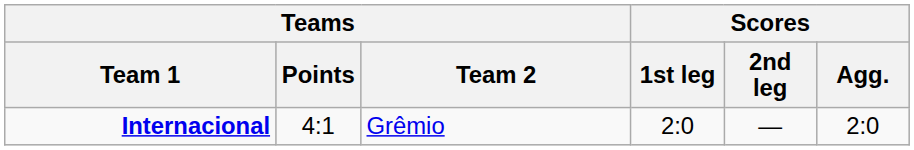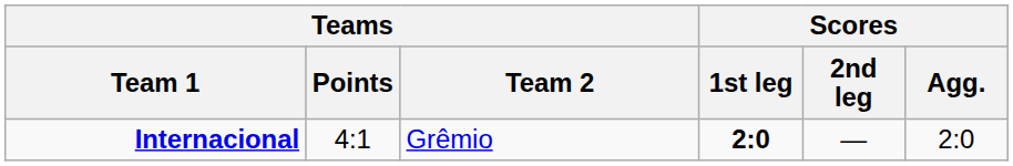 <table class="wikitable" style="text-align:center;">
 <tr>
 <th colspan=3>Teams</th>
 <th colspan=4>Scores</th>
 </tr>
 <tr>
 <th width="175">Team 1</th>
 <th width="50">Points</th>
 <th width="175">Team 2</th>
 <th width="55">1st leg</th>
 <th width="55">2nd leg</th>
 <th width="55">Agg.</th>
 </tr>
 <tr>
 <td align=right><strong><a href='#'>Internacional</a></strong> </td>
 <td>4:1</td>
 <td align=left> <a href='#'>Grêmio</a></td>
-<td>2:0</td>
+<td><strong>2:0</strong></td>
 <td>—</td>
 <td>2:0</td>
 </tr>
 </table>
